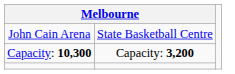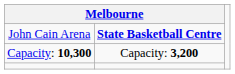 <table class="wikitable" style="text-align:center;">
 <tr>
 <th colspan=2><a href='#'>Melbourne</a></th>
 <td rowspan="4"><br></td>
 </tr>
 <tr>
 <td><a href='#'>John Cain Arena</a></td>
-<td><a href='#'>State Basketball Centre</a></td>
+<td><strong><a href='#'>State Basketball Centre</a></strong></td>
 </tr>
 <tr>
 <td><a href='#'>Capacity</a>: <strong>10,300</strong></td>
 <td>Capacity: <strong>3,200</strong></td>
 </tr>
 <tr>
 <td></td>
 <td></td>
 </tr>
 </table>
